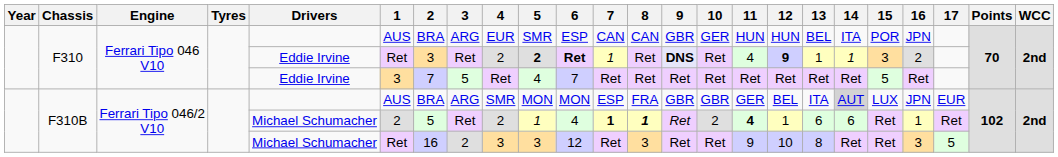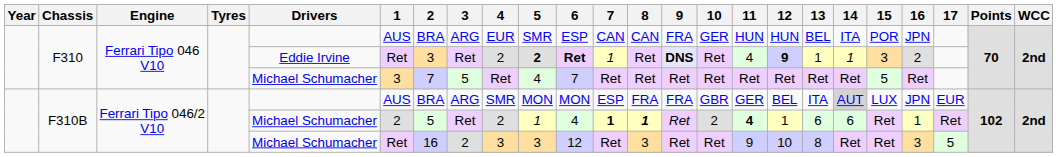 <table class="wikitable" style="text-align:center; font-size:95%">
 <tr>
 <th>Year</th>
 <th>Chassis</th>
 <th>Engine</th>
 <th>Tyres</th>
 <th>Drivers</th>
 <th>1</th>
 <th>2</th>
 <th>3</th>
 <th>4</th>
 <th>5</th>
 <th>6</th>
 <th>7</th>
 <th>8</th>
 <th>9</th>
 <th>10</th>
 <th>11</th>
 <th>12</th>
 <th>13</th>
 <th>14</th>
 <th>15</th>
 <th>16</th>
 <th>17</th>
 <th>Points</th>
 <th>WCC</th>
 </tr>
 <tr>
 <td rowspan="3"></td>
 <td rowspan="3">F310</td>
 <td rowspan="3"><a href='#'>Ferrari Tipo</a> 046<br><a href='#'>V10</a></td>
 <td rowspan="3"></td>
 <td></td>
 <td><a href='#'>AUS</a></td>
 <td><a href='#'>BRA</a></td>
 <td><a href='#'>ARG</a></td>
 <td><a href='#'>EUR</a></td>
 <td><a href='#'>SMR</a></td>
 <td><a href='#'>ESP</a></td>
 <td><a href='#'>CAN</a></td>
 <td><a href='#'>CAN</a></td>
-<td><a href='#'>GBR</a></td>
+<td><a href='#'>FRA</a></td>
 <td><a href='#'>GER</a></td>
 <td><a href='#'>HUN</a></td>
 <td><a href='#'>HUN</a></td>
 <td><a href='#'>BEL</a></td>
 <td><a href='#'>ITA</a></td>
 <td><a href='#'>POR</a></td>
 <td><a href='#'>JPN</a></td>
 <td></td>
 <td rowspan="3" style="background:#DFDFDF;"><strong>70</strong></td>
 <td rowspan="3" style="background:#DFDFDF;"><strong>2nd</strong></td>
 </tr>
 <tr>
 <td><a href='#'>Eddie Irvine</a></td>
 <td style="background:#EFCFFF;">Ret</td>
 <td style="background:#FFDF9F;">3</td>
 <td style="background:#EFCFFF;">Ret</td>
 <td style="background:#DFDFDF;">2</td>
 <td style="background:#DFDFDF;"><strong>2</strong></td>
 <td style="background:#EFCFFF;"><strong>Ret</strong></td>
 <td style="background:#FFFFBF;"><em>1</em></td>
 <td style="background:#EFCFFF;">Ret</td>
 <td style="background: lavender;"><strong>DNS</strong></td>
 <td style="background:#EFCFFF;">Ret</td>
 <td style="background:#DFFFDF;">4</td>
 <td style="background:#CFCFFF;"><strong>9</strong></td>
 <td style="background:#FFFFBF;">1</td>
 <td style="background:#FFFFBF;"><em>1</em></td>
 <td style="background:#FFDF9F;">3</td>
 <td style="background:#DFDFDF;">2</td>
 <td></td>
 </tr>
 <tr>
-<td><a href='#'>Eddie Irvine</a></td>
+<td><a href='#'>Michael Schumacher</a></td>
 <td style="background:#FFDF9F;">3</td>
 <td style="background:#CFCFFF;">7</td>
 <td style="background:#DFFFDF;">5</td>
 <td style="background:#EFCFFF;">Ret</td>
 <td style="background:#DFFFDF;">4</td>
 <td style="background:#CFCFFF;">7</td>
 <td style="background:#EFCFFF;">Ret</td>
 <td style="background:#EFCFFF;">Ret</td>
 <td style="background:#EFCFFF;">Ret</td>
 <td style="background:#EFCFFF;">Ret</td>
 <td style="background:#EFCFFF;">Ret</td>
 <td style="background:#EFCFFF;">Ret</td>
 <td style="background:#EFCFFF;">Ret</td>
 <td style="background:#EFCFFF;">Ret</td>
 <td style="background:#DFFFDF;">5</td>
 <td style="background:#EFCFFF;">Ret</td>
 <td></td>
 </tr>
 <tr>
 <td rowspan="3"></td>
 <td rowspan="3">F310B</td>
 <td rowspan="3"><a href='#'>Ferrari Tipo</a> 046/2<br><a href='#'>V10</a></td>
 <td rowspan="3"></td>
 <td></td>
 <td><a href='#'>AUS</a></td>
 <td><a href='#'>BRA</a></td>
 <td><a href='#'>ARG</a></td>
 <td><a href='#'>SMR</a></td>
 <td><a href='#'>MON</a></td>
 <td><a href='#'>MON</a></td>
 <td><a href='#'>ESP</a></td>
 <td><a href='#'>FRA</a></td>
-<td><a href='#'>GBR</a></td>
+<td><a href='#'>FRA</a></td>
 <td><a href='#'>GBR</a></td>
 <td><a href='#'>GER</a></td>
 <td><a href='#'>BEL</a></td>
 <td><a href='#'>ITA</a></td>
 <td style="background: lightgrey;"><a href='#'>AUT</a></td>
 <td><a href='#'>LUX</a></td>
 <td><a href='#'>JPN</a></td>
 <td><a href='#'>EUR</a></td>
 <td style="background:#DFDFDF;" rowspan="3"><strong>102</strong></td>
 <td style="background:#DFDFDF;" rowspan="3"><strong>2nd</strong></td>
 </tr>
 <tr>
 <td><a href='#'>Michael Schumacher</a></td>
 <td style="background:#DFDFDF;">2</td>
 <td style="background:#DFFFDF;">5</td>
 <td style="background:#EFCFFF;">Ret</td>
 <td style="background:#DFDFDF;">2</td>
 <td style="background:#FFFFBF;"><em>1</em></td>
 <td style="background:#DFFFDF;">4</td>
 <td style="background:#FFFFBF;"><strong>1</strong></td>
 <td style="background:#FFFFBF;"><strong><em>1</em></strong></td>
 <td style="background:#EFCFFF;"><em>Ret</em></td>
 <td style="background:#DFDFDF;">2</td>
 <td style="background:#DFFFDF;"><strong>4</strong></td>
 <td style="background:#FFFFBF;">1</td>
 <td style="background:#DFFFDF;">6</td>
 <td style="background:#DFFFDF;">6</td>
 <td style="background:#EFCFFF;">Ret</td>
 <td style="background:#FFFFBF;">1</td>
 <td style="background:#EFCFFF;">Ret</td>
 </tr>
 <tr>
 <td><a href='#'>Michael Schumacher</a></td>
 <td style="background:#EFCFFF;">Ret</td>
 <td style="background:#CFCFFF;">16</td>
 <td style="background:#DFDFDF;">2</td>
 <td style="background:#FFDF9F;">3</td>
 <td style="background:#FFDF9F;">3</td>
 <td style="background:#CFCFFF;">12</td>
 <td style="background:#EFCFFF;">Ret</td>
 <td style="background:#FFDF9F;">3</td>
 <td style="background:#EFCFFF;">Ret</td>
 <td style="background:#EFCFFF;">Ret</td>
 <td style="background:#CFCFFF;">9</td>
 <td style="background:#CFCFFF;">10</td>
 <td style="background:#CFCFFF;">8</td>
 <td style="background:#EFCFFF;">Ret</td>
 <td style="background:#EFCFFF;">Ret</td>
 <td style="background:#FFDF9F;">3</td>
 <td style="background:#DFFFDF;">5</td>
 </tr>
 </table>
